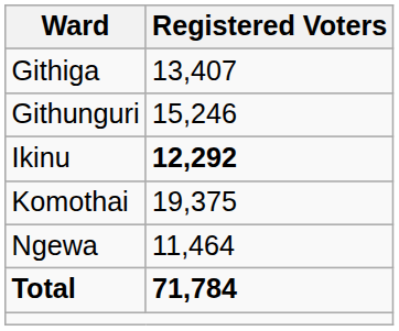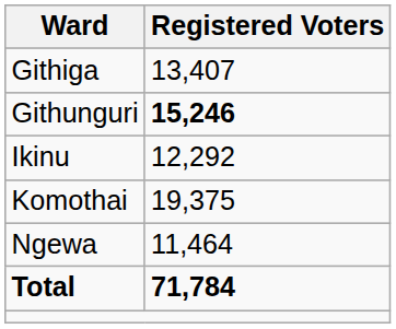 <table class="wikitable">
 <tr>
 <th>Ward</th>
 <th>Registered Voters</th>
 </tr>
 <tr>
 <td>Githiga</td>
 <td>13,407</td>
 </tr>
 <tr>
 <td>Githunguri</td>
-<td>15,246</td>
+<td><strong>15,246</strong></td>
 </tr>
 <tr>
 <td>Ikinu</td>
-<td><strong>12,292</strong></td>
+<td>12,292</td>
 </tr>
 <tr>
 <td>Komothai</td>
 <td>19,375</td>
 </tr>
 <tr>
 <td>Ngewa</td>
 <td>11,464</td>
 </tr>
 <tr>
 <td><strong>Total</strong></td>
 <td><strong>71,784</strong></td>
 </tr>
 <tr>
 <td colspan="2"></td>
 </tr>
 </table>
